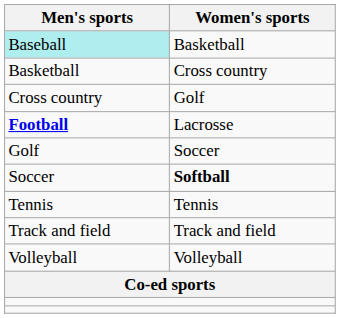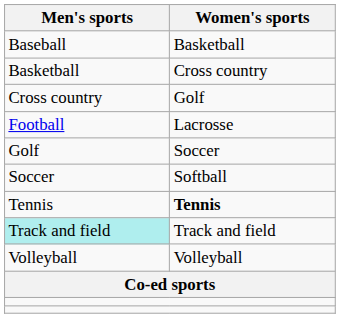 <table class="wikitable"; style= "text-align: ">
 <tr>
 <th width=150px>Men's sports</th>
 <th width=150px>Women's sports</th>
 </tr>
 <tr>
-<td style="background: paleturquoise;">Baseball</td>
+<td>Baseball</td>
 <td>Basketball</td>
 </tr>
 <tr>
 <td>Basketball</td>
 <td>Cross country</td>
 </tr>
 <tr>
 <td>Cross country</td>
 <td>Golf</td>
 </tr>
 <tr>
-<td><strong><a href='#'>Football</a></strong></td>
+<td><a href='#'>Football</a></td>
 <td>Lacrosse</td>
 </tr>
 <tr>
 <td>Golf</td>
 <td>Soccer</td>
 </tr>
 <tr>
 <td>Soccer</td>
-<td><strong>Softball</strong></td>
+<td>Softball</td>
 </tr>
 <tr>
 <td>Tennis</td>
-<td>Tennis</td>
+<td><strong>Tennis</strong></td>
 </tr>
 <tr>
-<td>Track and field</td>
+<td style="background: paleturquoise;">Track and field</td>
 <td>Track and field</td>
 </tr>
 <tr>
 <td>Volleyball</td>
 <td>Volleyball</td>
 </tr>
 <tr>
 <th colspan=2>Co-ed sports</th>
 </tr>
 <tr>
 <td colspan=2></td>
 </tr>
 <tr>
 <td colspan=2></td>
 </tr>
 </table>
